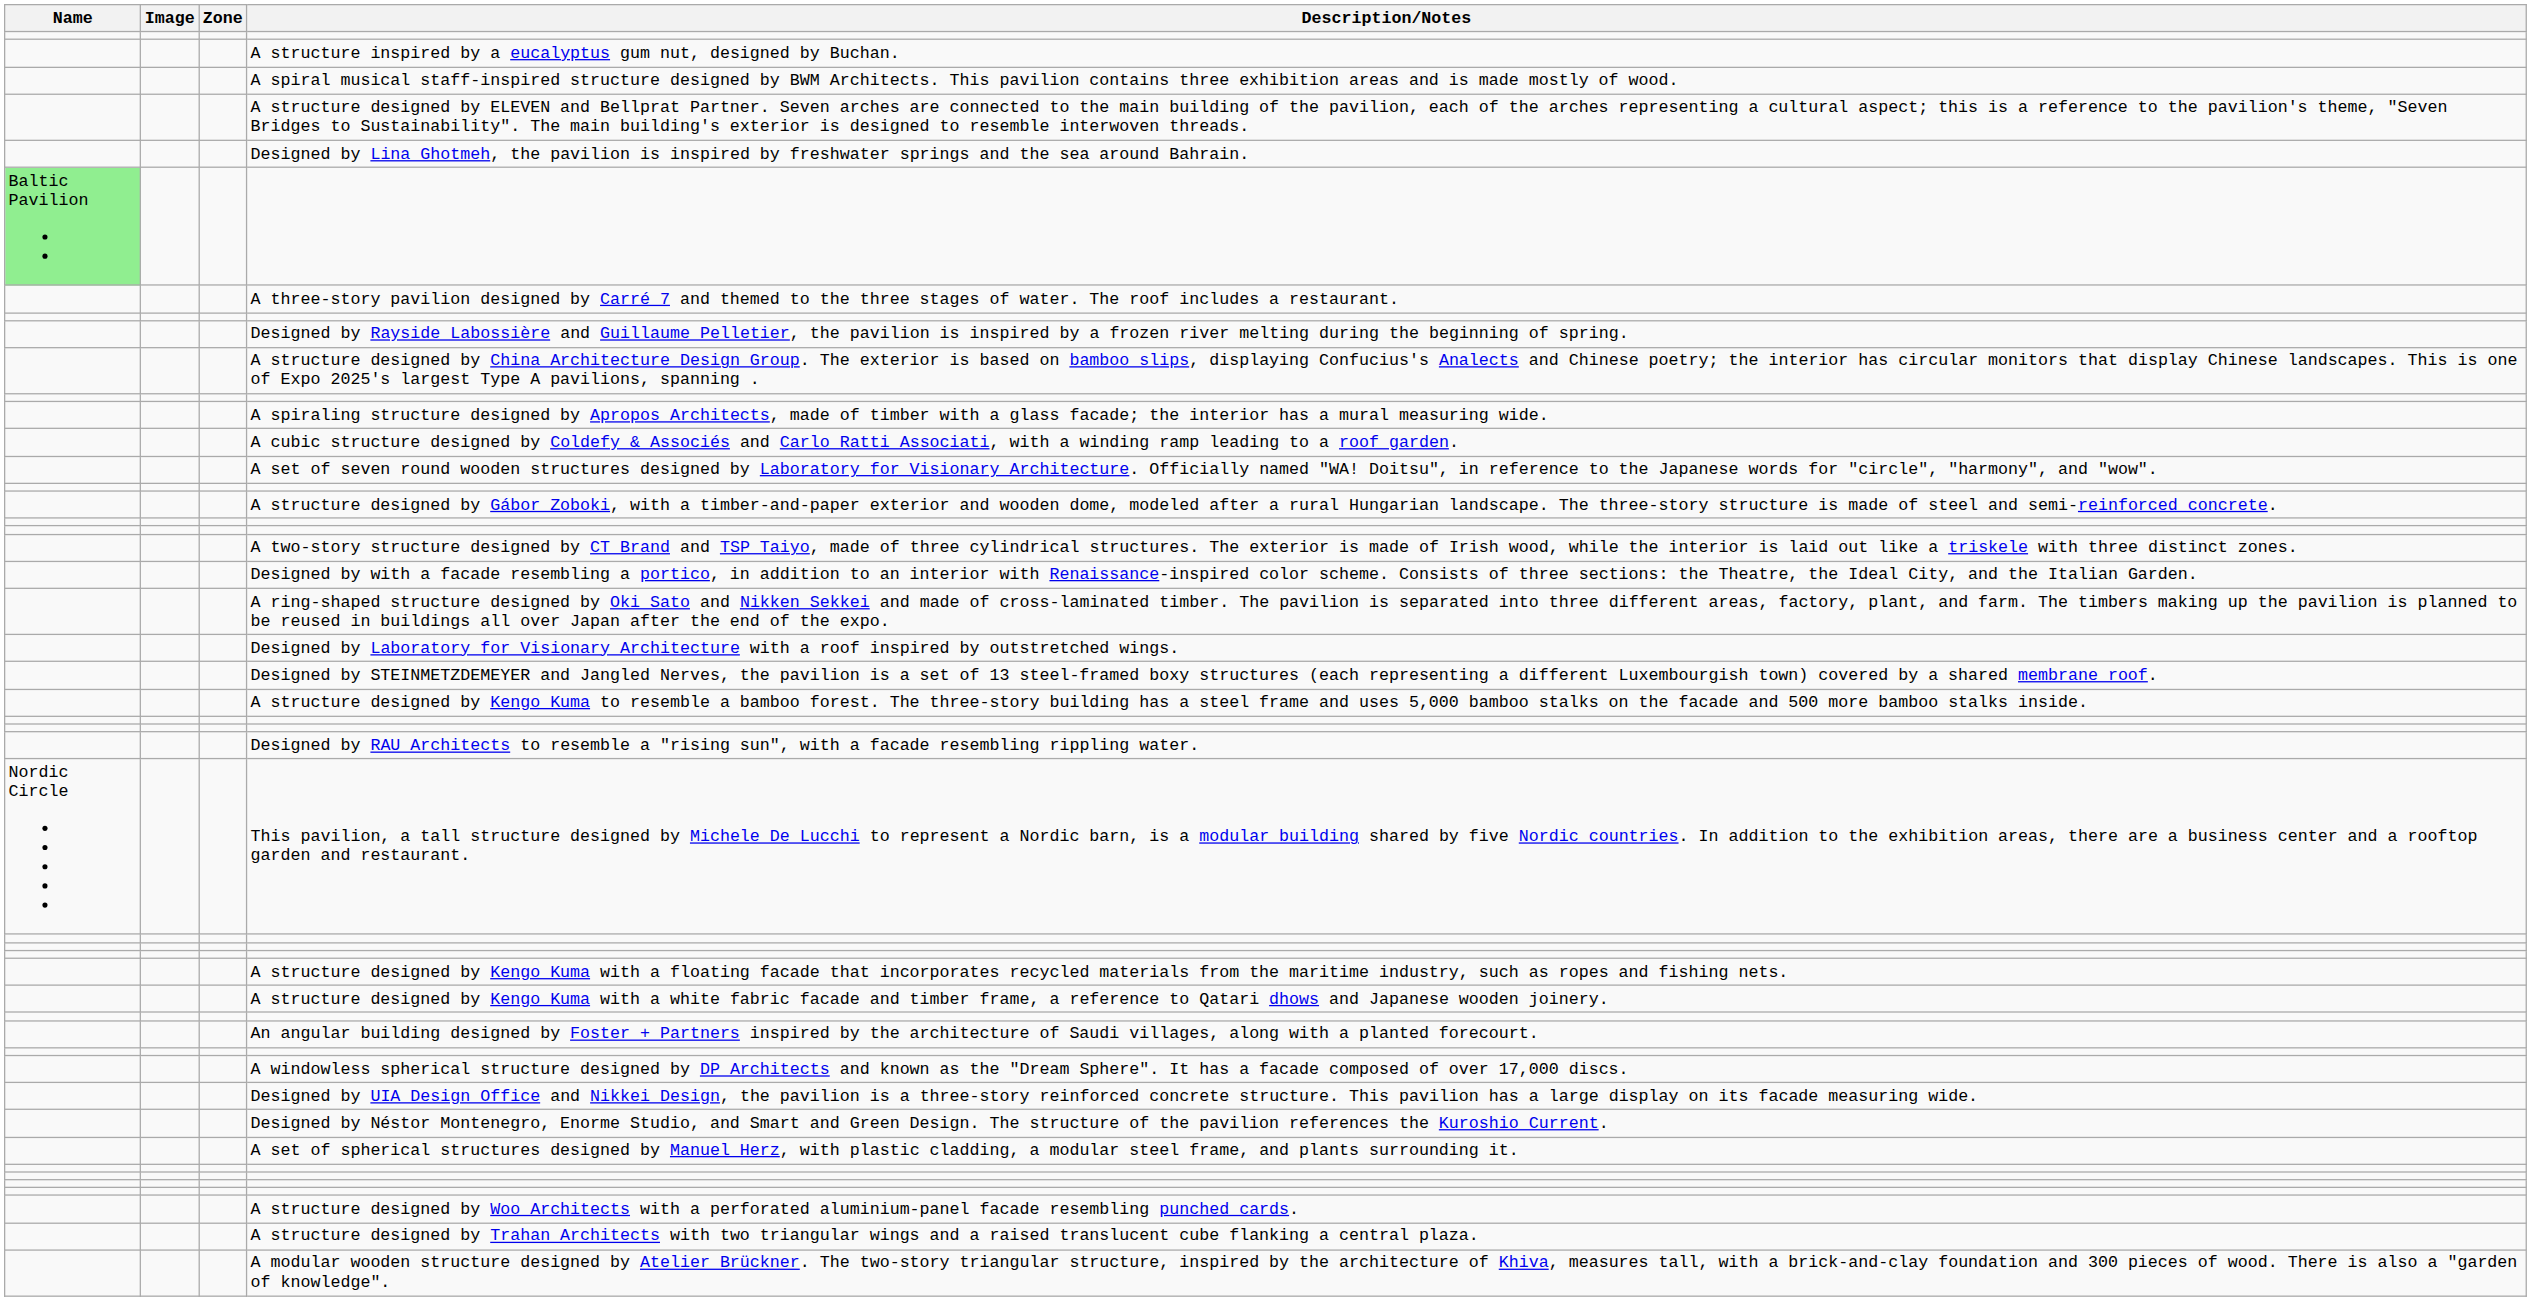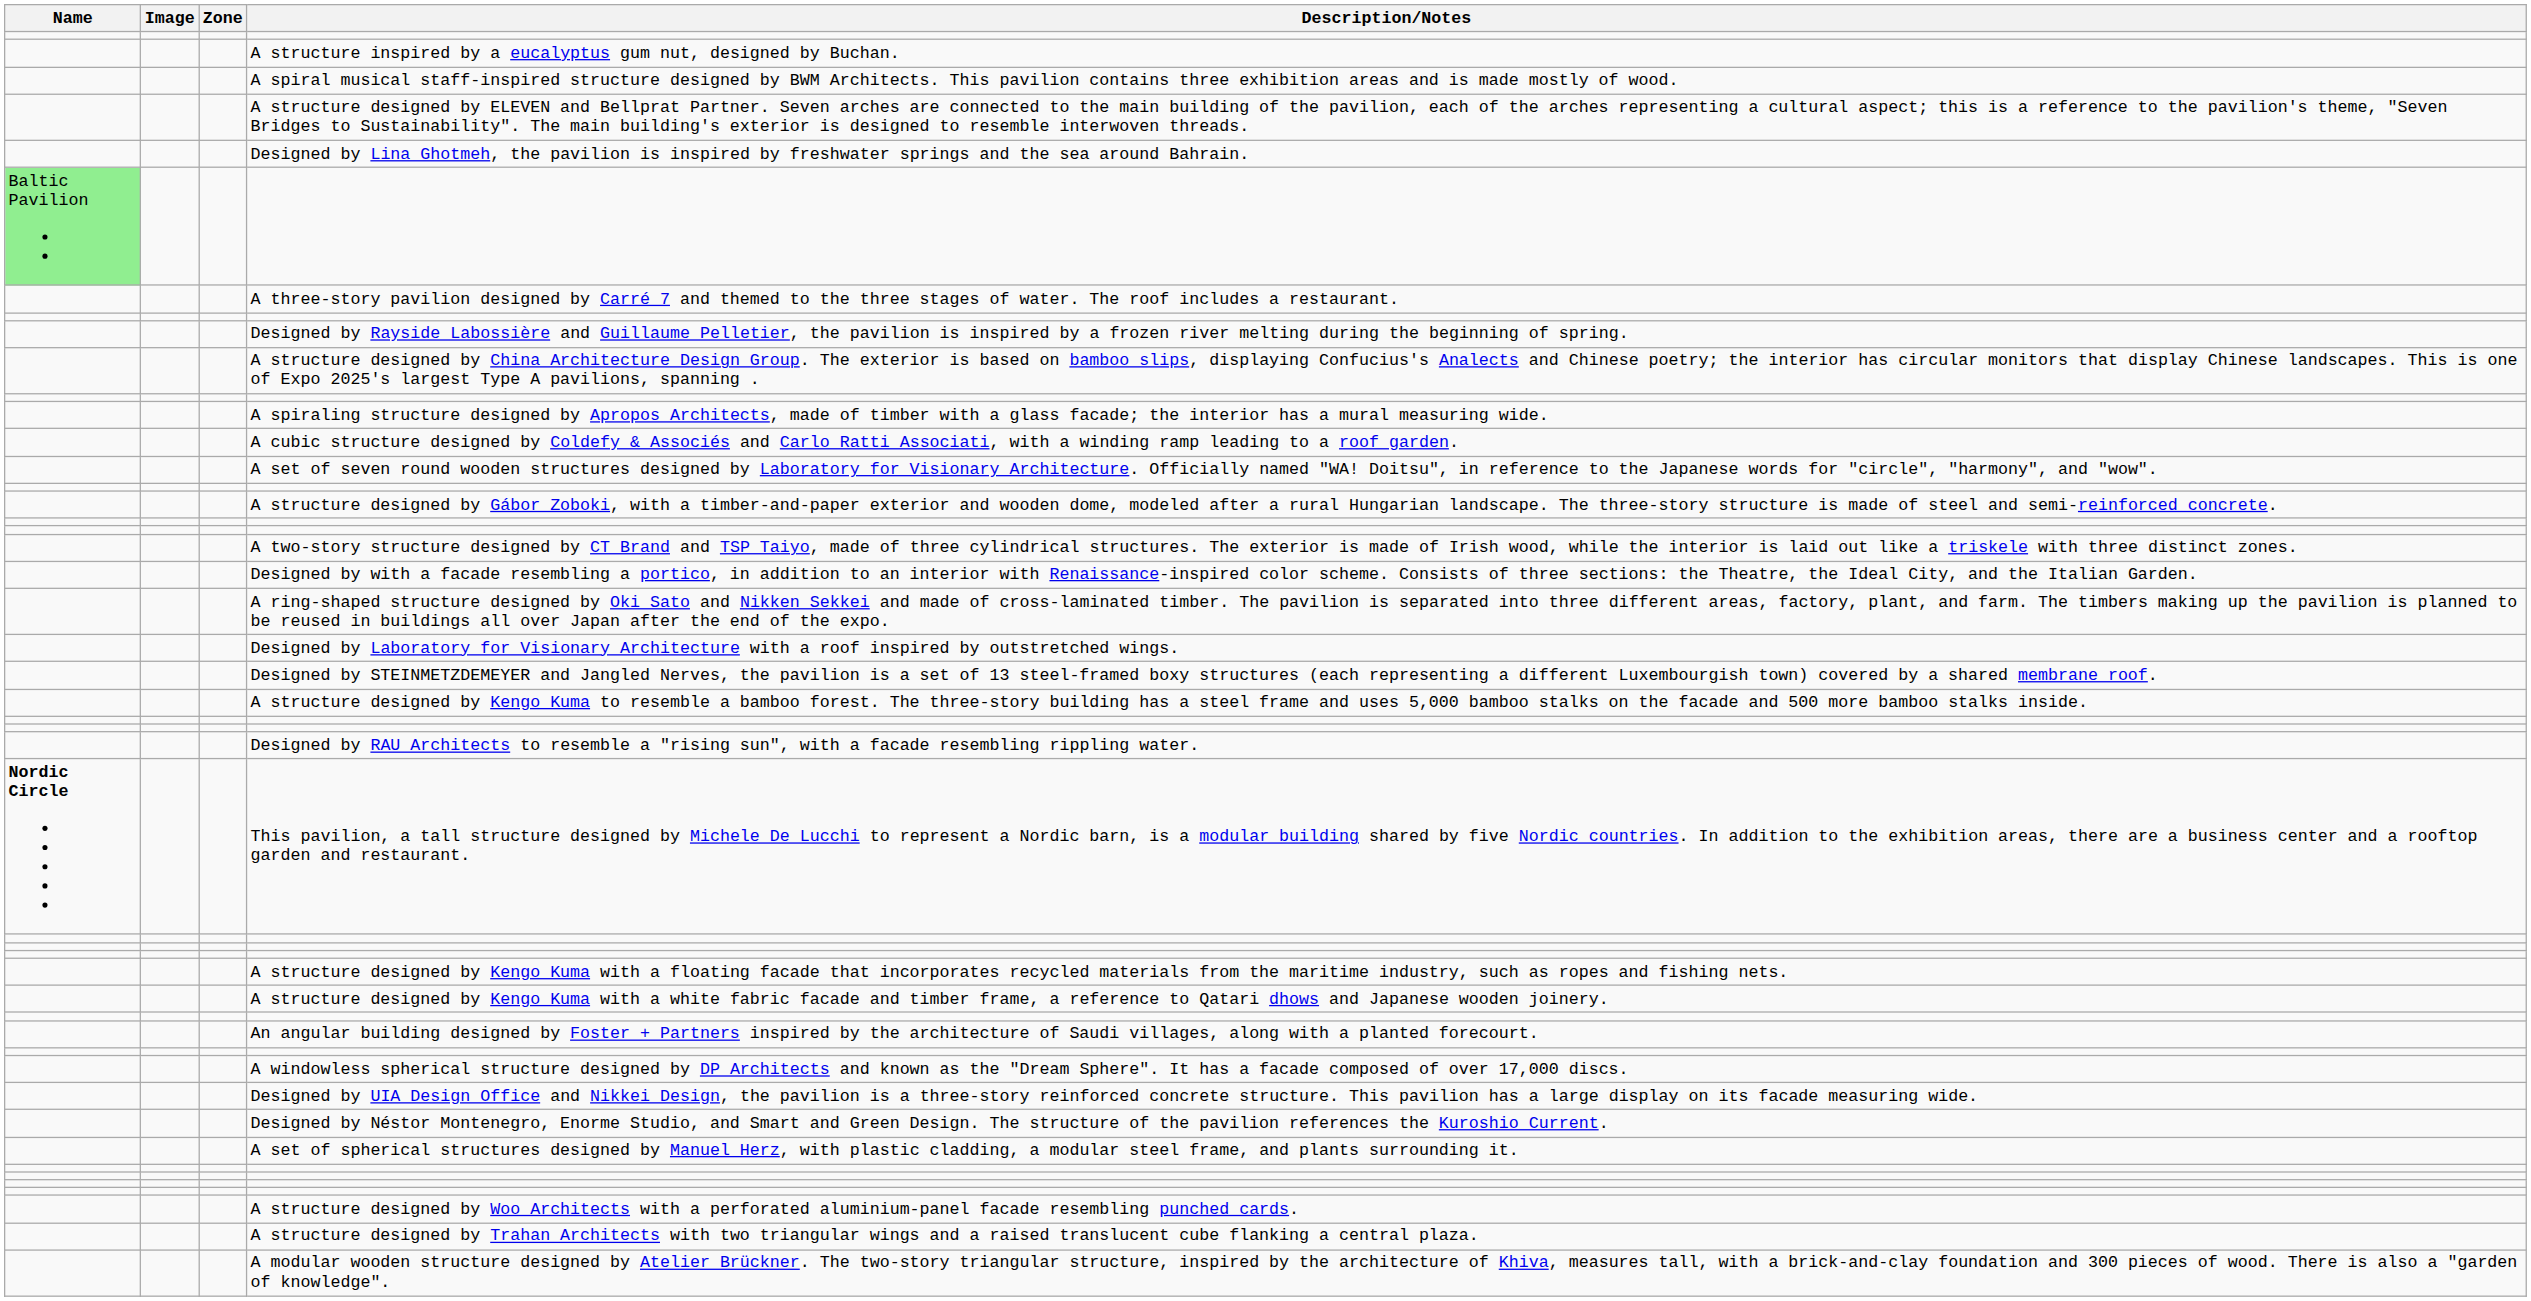 <table class="wikitable">
 <tr>
 <th>Name</th>
 <th>Image</th>
 <th>Zone</th>
 <th>Description/Notes</th>
 </tr>
 <tr>
 <td></td>
 <td></td>
 <td></td>
 <td></td>
 </tr>
 <tr>
 <td></td>
 <td></td>
 <td></td>
 <td>A structure inspired by a <a href='#'>eucalyptus</a> gum nut, designed by Buchan.</td>
 </tr>
 <tr>
 <td></td>
 <td></td>
 <td></td>
 <td>A spiral musical staff-inspired structure designed by BWM Architects. This pavilion contains three exhibition areas and is made mostly of wood.</td>
 </tr>
 <tr>
 <td></td>
 <td></td>
 <td></td>
 <td>A structure designed by ELEVEN and Bellprat Partner. Seven arches are connected to the main building of the pavilion, each of the arches representing a cultural aspect; this is a reference to the pavilion's theme, "Seven Bridges to Sustainability". The main building's exterior is designed to resemble interwoven threads.</td>
 </tr>
 <tr>
 <td></td>
 <td></td>
 <td></td>
 <td>Designed by <a href='#'>Lina Ghotmeh</a>, the pavilion is inspired by freshwater springs and the sea around Bahrain.</td>
 </tr>
 <tr>
 <td style="background: lightgreen;">Baltic Pavilion<br><ul><li></li><li></li></ul></td>
 <td></td>
 <td></td>
 <td></td>
 </tr>
 <tr>
 <td></td>
 <td></td>
 <td></td>
 <td>A three-story pavilion designed by <a href='#'>Carré 7</a> and themed to the three stages of water. The roof includes a restaurant.</td>
 </tr>
 <tr>
 <td></td>
 <td></td>
 <td></td>
 <td></td>
 </tr>
 <tr>
 <td></td>
 <td></td>
 <td></td>
 <td>Designed by <a href='#'>Rayside Labossière</a> and <a href='#'>Guillaume Pelletier</a>, the pavilion is inspired by a frozen river melting during the beginning of spring.</td>
 </tr>
 <tr>
 <td></td>
 <td></td>
 <td></td>
 <td>A structure designed by <a href='#'>China Architecture Design Group</a>. The exterior is based on <a href='#'>bamboo slips</a>, displaying Confucius's <a href='#'>Analects</a> and Chinese poetry; the interior has circular monitors that display Chinese landscapes. This is one of Expo 2025's largest Type A pavilions, spanning .</td>
 </tr>
 <tr>
 <td></td>
 <td></td>
 <td></td>
 <td></td>
 </tr>
 <tr>
 <td></td>
 <td></td>
 <td></td>
 <td>A spiraling structure designed by <a href='#'>Apropos Architects</a>, made of timber with a glass facade; the interior has a mural measuring  wide.</td>
 </tr>
 <tr>
 <td></td>
 <td></td>
 <td></td>
 <td>A cubic structure designed by <a href='#'>Coldefy & Associés</a> and <a href='#'>Carlo Ratti Associati</a>, with a winding ramp leading to a <a href='#'>roof garden</a>.</td>
 </tr>
 <tr>
 <td></td>
 <td></td>
 <td></td>
 <td>A set of seven round wooden structures designed by <a href='#'>Laboratory for Visionary Architecture</a>. Officially named "WA! Doitsu", in reference to the Japanese words for "circle", "harmony", and "wow".</td>
 </tr>
 <tr>
 <td></td>
 <td></td>
 <td></td>
 <td></td>
 </tr>
 <tr>
 <td></td>
 <td></td>
 <td></td>
 <td>A structure designed by <a href='#'>Gábor Zoboki</a>, with a timber-and-paper exterior and wooden dome, modeled after a rural Hungarian landscape. The three-story structure is made of steel and semi-<a href='#'>reinforced concrete</a>.</td>
 </tr>
 <tr>
 <td></td>
 <td></td>
 <td></td>
 <td></td>
 </tr>
 <tr>
 <td></td>
 <td></td>
 <td></td>
 <td></td>
 </tr>
 <tr>
 <td></td>
 <td></td>
 <td></td>
 <td>A two-story structure designed by <a href='#'>CT Brand</a> and <a href='#'>TSP Taiyo</a>, made of three cylindrical structures. The exterior is made of Irish wood, while the interior is laid out like a <a href='#'>triskele</a> with three distinct zones.</td>
 </tr>
 <tr>
 <td></td>
 <td></td>
 <td></td>
 <td>Designed by  with a facade resembling a <a href='#'>portico</a>, in addition to an interior with <a href='#'>Renaissance</a>-inspired color scheme. Consists of three sections: the Theatre, the Ideal City, and the Italian Garden.</td>
 </tr>
 <tr>
 <td></td>
 <td></td>
 <td></td>
 <td>A ring-shaped structure designed by <a href='#'>Oki Sato</a> and <a href='#'>Nikken Sekkei</a> and made of cross-laminated timber. The pavilion is separated into three different areas, factory, plant, and farm. The timbers making up the pavilion is planned to be reused in buildings all over Japan after the end of the expo.</td>
 </tr>
 <tr>
 <td></td>
 <td></td>
 <td></td>
 <td>Designed by <a href='#'>Laboratory for Visionary Architecture</a> with a roof inspired by outstretched wings.</td>
 </tr>
 <tr>
 <td></td>
 <td></td>
 <td></td>
 <td>Designed by STEINMETZDEMEYER and Jangled Nerves, the pavilion is a set of 13 steel-framed boxy structures (each representing a different Luxembourgish town) covered by a shared <a href='#'>membrane roof</a>.</td>
 </tr>
 <tr>
 <td></td>
 <td></td>
 <td></td>
 <td>A structure designed by <a href='#'>Kengo Kuma</a> to resemble a bamboo forest. The three-story building has a steel frame and uses 5,000 bamboo stalks on the facade and 500 more bamboo stalks inside.</td>
 </tr>
 <tr>
 <td></td>
 <td></td>
 <td></td>
 <td></td>
 </tr>
 <tr>
 <td></td>
 <td></td>
 <td></td>
 <td></td>
 </tr>
 <tr>
 <td></td>
 <td></td>
 <td></td>
 <td>Designed by <a href='#'>RAU Architects</a> to resemble a "rising sun", with a facade resembling rippling water.</td>
 </tr>
 <tr>
-<td> Nordic Circle<br><ul><li></li><li></li><li></li><li></li><li></li></ul></td>
+<td><strong> Nordic Circle<br><ul><li></li><li></li><li></li><li></li><li></li></ul></strong></td>
 <td></td>
 <td></td>
 <td>This pavilion, a  tall structure designed by <a href='#'>Michele De Lucchi</a> to represent a Nordic barn, is a <a href='#'>modular building</a> shared by five <a href='#'>Nordic countries</a>. In addition to the exhibition areas, there are a business center and a rooftop garden and restaurant.</td>
 </tr>
 <tr>
 <td></td>
 <td></td>
 <td></td>
 <td></td>
 </tr>
 <tr>
 <td></td>
 <td></td>
 <td></td>
 <td></td>
 </tr>
 <tr>
 <td></td>
 <td></td>
 <td></td>
 <td></td>
 </tr>
 <tr>
 <td></td>
 <td></td>
 <td></td>
 <td>A structure designed by <a href='#'>Kengo Kuma</a> with a floating facade that incorporates recycled materials from the maritime industry, such as ropes and fishing nets.</td>
 </tr>
 <tr>
 <td></td>
 <td></td>
 <td></td>
 <td>A structure designed by <a href='#'>Kengo Kuma</a> with a white fabric facade and timber frame, a reference to Qatari <a href='#'>dhows</a> and Japanese wooden joinery.</td>
 </tr>
 <tr>
 <td></td>
 <td></td>
 <td></td>
 <td></td>
 </tr>
 <tr>
 <td></td>
 <td></td>
 <td></td>
 <td>An angular building designed by <a href='#'>Foster + Partners</a> inspired by the architecture of Saudi villages, along with a planted forecourt.</td>
 </tr>
 <tr>
 <td></td>
 <td></td>
 <td></td>
 <td></td>
 </tr>
 <tr>
 <td></td>
 <td></td>
 <td></td>
 <td>A windowless spherical structure designed by <a href='#'>DP Architects</a> and known as the "Dream Sphere". It has a  facade composed of over 17,000 discs.</td>
 </tr>
 <tr>
 <td></td>
 <td></td>
 <td></td>
 <td>Designed by <a href='#'>UIA Design Office</a> and <a href='#'>Nikkei Design</a>, the pavilion is a three-story reinforced concrete structure. This pavilion has a large display on its facade measuring  wide.</td>
 </tr>
 <tr>
 <td></td>
 <td></td>
 <td></td>
 <td>Designed by Néstor Montenegro, Enorme Studio, and Smart and Green Design. The structure of the pavilion references the <a href='#'>Kuroshio Current</a>.</td>
 </tr>
 <tr>
 <td></td>
 <td></td>
 <td></td>
 <td>A set of spherical structures designed by <a href='#'>Manuel Herz</a>, with plastic cladding, a modular steel frame, and plants surrounding it.</td>
 </tr>
 <tr>
 <td></td>
 <td></td>
 <td></td>
 <td></td>
 </tr>
 <tr>
 <td></td>
 <td></td>
 <td></td>
 <td></td>
 </tr>
 <tr>
 <td></td>
 <td></td>
 <td></td>
 <td></td>
 </tr>
 <tr>
 <td></td>
 <td></td>
 <td></td>
 <td></td>
 </tr>
 <tr>
 <td></td>
 <td></td>
 <td></td>
 <td>A structure designed by <a href='#'>Woo Architects</a> with a perforated aluminium-panel facade resembling <a href='#'>punched cards</a>.</td>
 </tr>
 <tr>
 <td></td>
 <td></td>
 <td></td>
 <td>A structure designed by <a href='#'>Trahan Architects</a> with two triangular wings and a raised translucent cube flanking a central plaza.</td>
 </tr>
 <tr>
 <td></td>
 <td></td>
 <td></td>
 <td>A modular wooden structure designed by <a href='#'>Atelier Brückner</a>. The two-story triangular structure, inspired by the architecture of <a href='#'>Khiva</a>, measures  tall, with a brick-and-clay foundation and 300 pieces of wood. There is also a "garden of knowledge".</td>
 </tr>
 </table>
